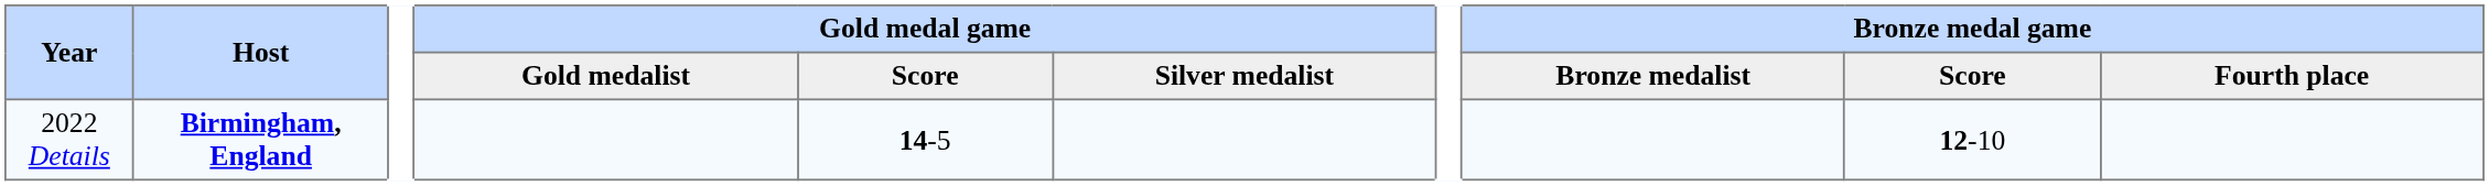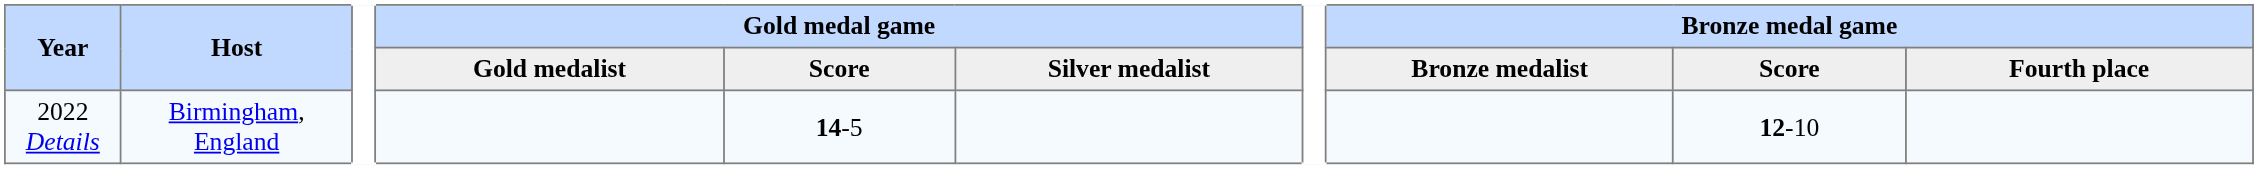 <table border=1 style="border-collapse:collapse; font-size:90%; text-align:center;" cellpadding=3 cellspacing=0>
 <tr bgcolor=#C1D8FF>
 <th rowspan=2 width=5%>Year</th>
 <th rowspan=2 width=10%>Host</th>
 <th rowspan="100%" width=1% bgcolor=white style="border-top:1px solid transparent; border-bottom:1px solid transparent;"></th>
 <th colspan=3>Gold medal game</th>
 <th rowspan="100%" width=1% bgcolor=white style="border-top:1px solid transparent; border-bottom:1px solid transparent;"></th>
 <th colspan=3>Bronze medal game</th>
 </tr>
 <tr bgcolor=#EFEFEF>
 <th width=15%>Gold medalist</th>
 <th width=10%>Score</th>
 <th width=15%>Silver medalist</th>
 <th width=15%>Bronze medalist</th>
 <th width=10%>Score</th>
 <th width=15%>Fourth place</th>
 </tr>
 <tr bgcolor=#F5FAFF>
 <td>2022<br><em><a href='#'>Details</a></em></td>
-<td><strong><a href='#'>Birmingham</a>, <a href='#'>England</a></strong></td>
+<td><a href='#'>Birmingham</a>, <a href='#'>England</a></td>
 <td></td>
 <td><strong>14</strong>-5</td>
 <td></td>
 <td></td>
 <td><strong>12</strong>-10</td>
 <td></td>
 </tr>
 </table>
